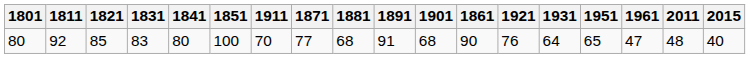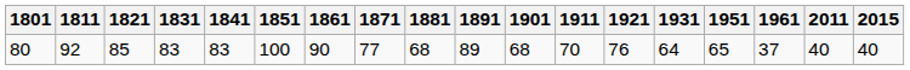 <table class="wikitable">
 <tr>
 <th>1801</th>
 <th>1811</th>
 <th>1821</th>
 <th>1831</th>
 <th>1841</th>
 <th>1851</th>
-<th>1911</th>
+<th>1861</th>
 <th>1871</th>
 <th>1881</th>
 <th>1891</th>
 <th>1901</th>
-<th>1861</th>
+<th>1911</th>
 <th>1921</th>
 <th>1931</th>
 <th>1951</th>
 <th>1961</th>
 <th>2011</th>
 <th>2015</th>
 </tr>
 <tr>
 <td>80</td>
 <td>92</td>
 <td>85</td>
 <td>83</td>
-<td>80</td>
+<td>83</td>
 <td>100</td>
-<td>70</td>
+<td>90</td>
 <td>77</td>
 <td>68</td>
-<td>91</td>
+<td>89</td>
 <td>68</td>
-<td>90</td>
+<td>70</td>
 <td>76</td>
 <td>64</td>
 <td>65</td>
-<td>47</td>
-<td>48</td>
+<td>37</td>
+<td>40</td>
 <td>40</td>
 </tr>
 </table>
